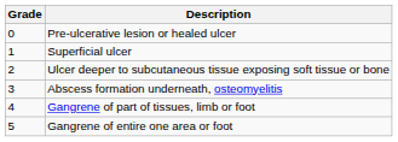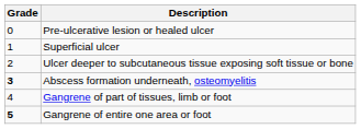 <table class="wikitable">
 <tr>
 <th>Grade</th>
 <th>Description</th>
 </tr>
 <tr>
 <td>0</td>
 <td>Pre-ulcerative lesion or healed ulcer</td>
 </tr>
 <tr>
 <td>1</td>
 <td>Superficial ulcer</td>
 </tr>
 <tr>
 <td>2</td>
 <td>Ulcer deeper to subcutaneous tissue exposing soft tissue or bone</td>
 </tr>
 <tr>
-<td>3</td>
+<td><strong>3</strong></td>
 <td>Abscess formation underneath, <a href='#'>osteomyelitis</a></td>
 </tr>
 <tr>
 <td>4</td>
 <td><a href='#'>Gangrene</a> of part of tissues, limb or foot</td>
 </tr>
 <tr>
-<td>5</td>
+<td><strong>5</strong></td>
 <td>Gangrene of entire one area or foot</td>
 </tr>
 </table>
